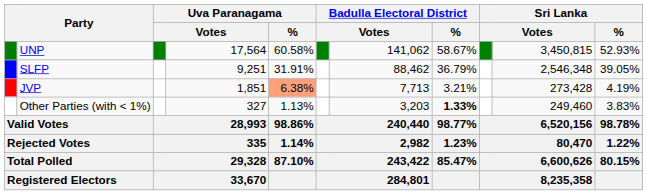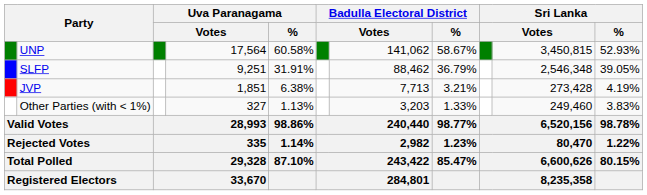 <table class="wikitable">
 <tr>
 <th colspan="2" width="144px"rowspan="2">Party</th>
 <th colspan="3" width="216px">Uva Paranagama</th>
 <th colspan="3" width="216px"><a href='#'>Badulla Electoral District</a></th>
 <th colspan="3" width="216px">Sri Lanka</th>
 </tr>
 <tr>
 <th colspan="2" width="144px">Votes</th>
 <th>%</th>
 <th colspan="2" width="144px">Votes</th>
 <th>%</th>
 <th colspan="2" width="144px">Votes</th>
 <th>%</th>
 </tr>
 <tr>
 <td style="background-color:green;" width="10px"></td>
 <td style="text-align:left;"><a href='#'>UNP</a></td>
 <td style="background-color:green;" width="10px"></td>
 <td style="text-align:right;">17,564</td>
 <td style="text-align:right;">60.58%</td>
 <td style="background-color:green;" width="10px"></td>
 <td style="text-align:right;">141,062</td>
 <td style="text-align:right;">58.67%</td>
 <td style="background-color:green;" width="10px"></td>
 <td style="text-align:right;">3,450,815</td>
 <td style="text-align:right;">52.93%</td>
 </tr>
 <tr>
 <td style="background-color:blue;" width="10px"></td>
 <td style="text-align:left;"><a href='#'>SLFP</a></td>
 <td style="background-color:white;" width="10px"></td>
 <td style="text-align:right;">9,251</td>
 <td style="text-align:right;">31.91%</td>
 <td style="background-color:white;" width="10px"></td>
 <td style="text-align:right;">88,462</td>
 <td style="text-align:right;">36.79%</td>
 <td style="background-color:white;" width="10px"></td>
 <td style="text-align:right;">2,546,348</td>
 <td style="text-align:right;">39.05%</td>
 </tr>
 <tr>
 <td style="background-color:red;" width="10px"></td>
 <td style="text-align:left;"><a href='#'>JVP</a></td>
 <td style="background-color:white;" width="10px"></td>
 <td style="text-align:right;">1,851</td>
-<td style="background: lightsalmon; text-align:right;">6.38%</td>
+<td style="text-align:right;">6.38%</td>
 <td style="background-color:white;" width="10px"></td>
 <td style="text-align:right;">7,713</td>
 <td style="text-align:right;">3.21%</td>
 <td style="background-color:white;" width="10px"></td>
 <td style="text-align:right;">273,428</td>
 <td style="text-align:right;">4.19%</td>
 </tr>
 <tr>
 <td style="background-color:white;" width="10px"></td>
 <td style="text-align:left;">Other Parties (with < 1%)</td>
 <td style="background-color:white;" width="10px"></td>
 <td style="text-align:right;">327</td>
 <td style="text-align:right;">1.13%</td>
 <td style="background-color:white;" width="10px"></td>
 <td style="text-align:right;">3,203</td>
-<td style="text-align:right;"><strong>1.33%</strong></td>
+<td style="text-align:right;">1.33%</td>
 <td style="background-color:white;" width="10px"></td>
 <td style="text-align:right;">249,460</td>
 <td style="text-align:right;">3.83%</td>
 </tr>
 <tr>
 <th colspan="2" width="144px"style="text-align:left;">Valid Votes</th>
 <th style="text-align:right;"colspan="2" width="144px">28,993</th>
 <th style="text-align:right;">98.86%</th>
 <th style="text-align:right;"colspan="2" width="144px">240,440</th>
 <th style="text-align:right;">98.77%</th>
 <th style="text-align:right;"colspan="2" width="144px">6,520,156</th>
 <th style="text-align:right;">98.78%</th>
 </tr>
 <tr>
 <th colspan="2" width="144px"style="text-align:left;">Rejected Votes</th>
 <th style="text-align:right;"colspan="2" width="144px">335</th>
 <th style="text-align:right;">1.14%</th>
 <th style="text-align:right;"colspan="2" width="144px">2,982</th>
 <th style="text-align:right;">1.23%</th>
 <th style="text-align:right;"colspan="2" width="144px">80,470</th>
 <th style="text-align:right;">1.22%</th>
 </tr>
 <tr>
 <th colspan="2" width="144px"style="text-align:left;">Total Polled</th>
 <th style="text-align:right;"colspan="2" width="144px">29,328</th>
 <th style="text-align:right;">87.10%</th>
 <th style="text-align:right;"colspan="2" width="144px">243,422</th>
 <th style="text-align:right;">85.47%</th>
 <th style="text-align:right;"colspan="2" width="144px">6,600,626</th>
 <th style="text-align:right;">80.15%</th>
 </tr>
 <tr>
 <th colspan="2" width="144px"style="text-align:left;">Registered Electors</th>
 <th style="text-align:right;"colspan="2" width="144px">33,670</th>
 <th></th>
 <th style="text-align:right;"colspan="2" width="144px">284,801</th>
 <th></th>
 <th style="text-align:right;"colspan="2" width="144px">8,235,358</th>
 <th></th>
 </tr>
 </table>
